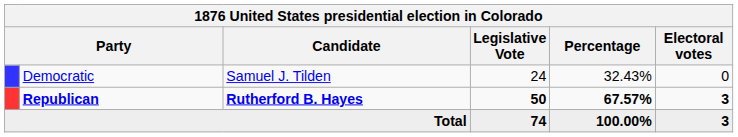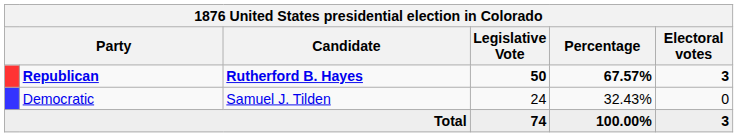 <table class="wikitable" style="font-size: 95%;">
 <tr>
 <th colspan="6">1876 United States presidential election in Colorado</th>
 </tr>
 <tr>
 <th colspan="2" style="width: 15em">Party</th>
 <th style="width: 17em">Candidate</th>
 <th style="width: 5em">Legislative Vote</th>
 <th style="width: 7em">Percentage</th>
 <th style="width: 5em">Electoral votes</th>
 </tr>
 <tr>
+<th style="background:#FF3333; width:3px;"></th>
+<td style="width: 130px"><a href='#'><strong>Republican</strong></a></td>
+<td><strong><a href='#'>Rutherford B. Hayes</a></strong></td>
+<td style="text-align:right;"><strong>50</strong></td>
+<td style="text-align:right;"><strong>67.57%</strong></td>
+<td style="text-align:right;"><strong>3</strong></td>
+</tr>
+<tr>
 <th style="background:#3333FF; width:3px;"></th>
 <td style="width: 130px"><a href='#'>Democratic</a></td>
 <td><a href='#'>Samuel J. Tilden</a></td>
 <td style="text-align:right;">24</td>
 <td style="text-align:right;">32.43%</td>
 <td style="text-align:right;">0</td>
-</tr>
-<tr>
-<th style="background:#FF3333; width:3px;"></th>
-<td style="width: 130px"><a href='#'><strong>Republican</strong></a></td>
-<td><strong><a href='#'>Rutherford B. Hayes</a></strong></td>
-<td style="text-align:right;"><strong>50</strong></td>
-<td style="text-align:right;"><strong>67.57%</strong></td>
-<td style="text-align:right;"><strong>3</strong></td>
 </tr>
 <tr style="background:#eee; text-align:right;">
 <td colspan="3"><strong>Total</strong></td>
 <td><strong>74</strong></td>
 <td><strong>100.00%</strong></td>
 <td><strong>3</strong></td>
 </tr>
 </table>
